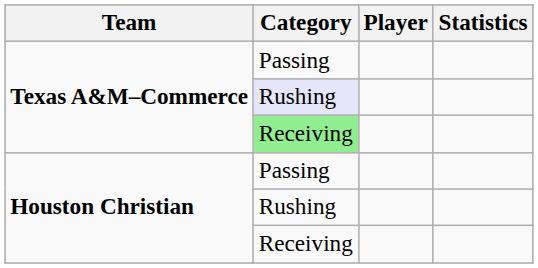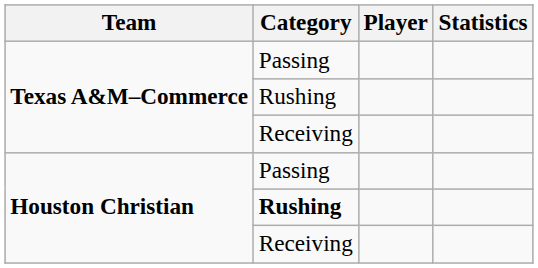 <table class="wikitable" style="float: right;">
 <tr>
 <th>Team</th>
 <th>Category</th>
 <th>Player</th>
 <th>Statistics</th>
 </tr>
 <tr>
 <td rowspan=3><strong>Texas A&M–Commerce</strong></td>
 <td>Passing</td>
 <td></td>
 <td></td>
 </tr>
 <tr>
-<td style="background: lavender;">Rushing</td>
+<td>Rushing</td>
 <td></td>
 <td></td>
 </tr>
 <tr>
-<td style="background: lightgreen;">Receiving</td>
+<td>Receiving</td>
 <td></td>
 <td></td>
 </tr>
 <tr>
 <td rowspan=3><strong>Houston Christian</strong></td>
 <td>Passing</td>
 <td></td>
 <td></td>
 </tr>
 <tr>
-<td>Rushing</td>
+<td><strong>Rushing</strong></td>
 <td></td>
 <td></td>
 </tr>
 <tr>
 <td>Receiving</td>
 <td></td>
 <td></td>
 </tr>
 </table>
